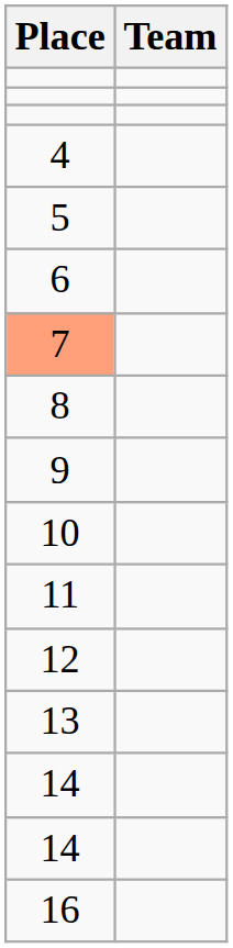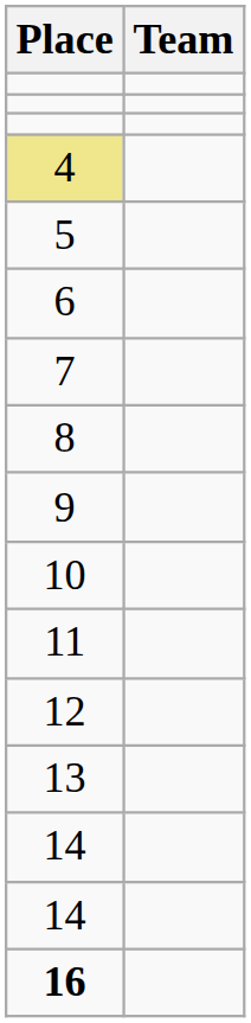 <table class="wikitable" style="text-align:center">
 <tr>
 <th>Place</th>
 <th>Team</th>
 </tr>
 <tr align=center>
 <td></td>
 <td style="text-align:left;"></td>
 </tr>
 <tr align=center>
 <td></td>
 <td style="text-align:left;"></td>
 </tr>
 <tr align=center>
 <td></td>
 <td style="text-align:left;"></td>
 </tr>
 <tr align=center>
-<td>4</td>
+<td style="background: khaki;">4</td>
 <td style="text-align:left;"></td>
 </tr>
 <tr align=center>
 <td>5</td>
 <td style="text-align:left;"></td>
 </tr>
 <tr align=center>
 <td>6</td>
 <td style="text-align:left;"></td>
 </tr>
 <tr align=center>
-<td style="background: lightsalmon;">7</td>
+<td>7</td>
 <td style="text-align:left;"></td>
 </tr>
 <tr align=center>
 <td>8</td>
 <td style="text-align:left;"></td>
 </tr>
 <tr align=center>
 <td>9</td>
 <td style="text-align:left;"></td>
 </tr>
 <tr align=center>
 <td>10</td>
 <td style="text-align:left;"></td>
 </tr>
 <tr align=center>
 <td>11</td>
 <td style="text-align:left;"></td>
 </tr>
 <tr align=center>
 <td>12</td>
 <td style="text-align:left;"></td>
 </tr>
 <tr align=center>
 <td>13</td>
 <td style="text-align:left;"></td>
 </tr>
 <tr align=center>
 <td>14</td>
 <td style="text-align:left;"></td>
 </tr>
 <tr align=center>
 <td>14</td>
 <td style="text-align:left;"></td>
 </tr>
 <tr align=center>
-<td>16</td>
+<td><strong>16</strong></td>
 <td style="text-align:left;"></td>
 </tr>
 </table>
